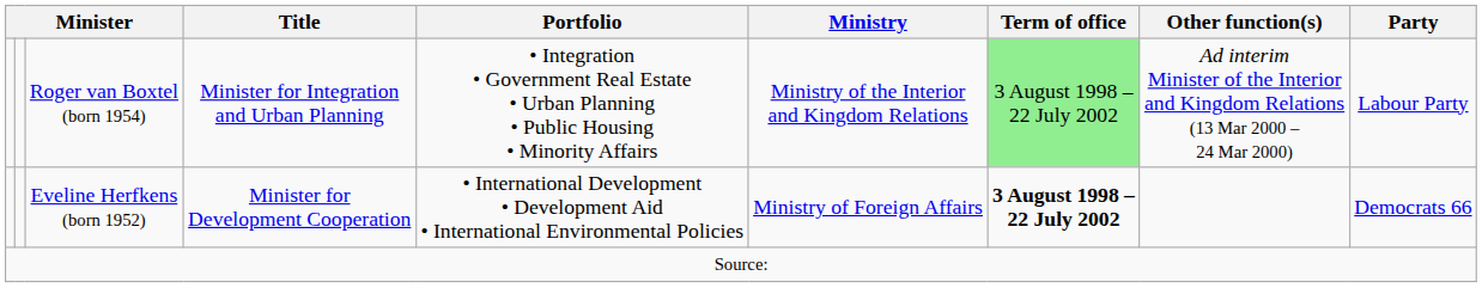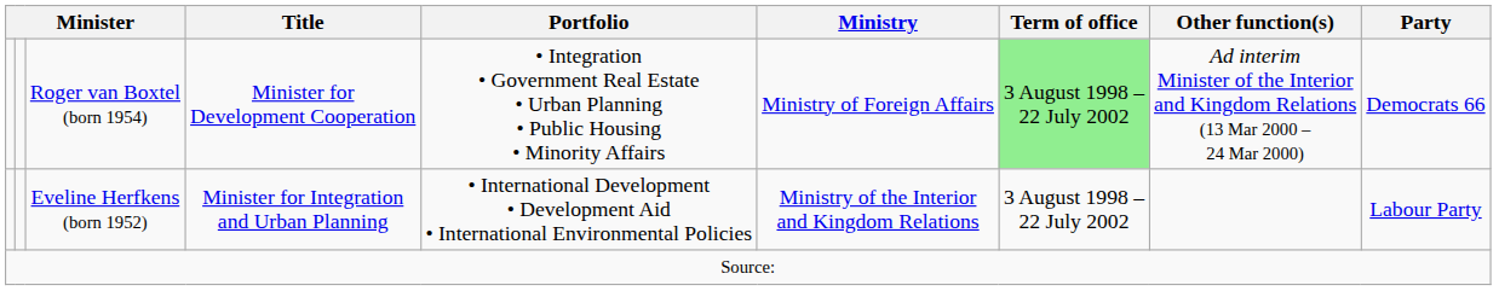 <table class="wikitable" style="text-align:center">
 <tr>
 <th colspan=3>Minister</th>
 <th>Title</th>
 <th>Portfolio</th>
 <th><a href='#'>Ministry</a></th>
 <th>Term of office</th>
 <th>Other function(s)</th>
 <th>Party</th>
 </tr>
 <tr>
 <td style="background:"></td>
 <td></td>
 <td><a href='#'>Roger van Boxtel</a> <br> <small>(born 1954)</small></td>
-<td><a href='#'>Minister for Integration <br> and Urban Planning</a></td>
+<td><a href='#'>Minister for <br> Development Cooperation</a></td>
 <td>• Integration <br> • Government Real Estate <br> • Urban Planning <br> • Public Housing <br> • Minority Affairs</td>
-<td><a href='#'>Ministry of the Interior <br> and Kingdom Relations</a></td>
+<td><a href='#'>Ministry of Foreign Affairs</a></td>
 <td style="background: lightgreen;">3 August 1998 – <br> 22 July 2002</td>
 <td><em>Ad interim</em> <br> <a href='#'>Minister of the Interior <br> and Kingdom Relations</a> <br> <small>(13 Mar 2000 – <br> 24 Mar 2000)</small></td>
-<td><a href='#'>Labour Party</a></td>
+<td><a href='#'>Democrats 66</a></td>
 </tr>
 <tr>
 <td style="background:"></td>
 <td></td>
 <td><a href='#'>Eveline Herfkens</a> <br> <small>(born 1952)</small></td>
-<td><a href='#'>Minister for <br> Development Cooperation</a></td>
+<td><a href='#'>Minister for Integration <br> and Urban Planning</a></td>
 <td>• International Development <br> • Development Aid <br> • International Environmental Policies</td>
-<td><a href='#'>Ministry of Foreign Affairs</a></td>
-<td><strong>3 August 1998 – <br> 22 July 2002</strong></td>
+<td><a href='#'>Ministry of the Interior <br> and Kingdom Relations</a></td>
+<td>3 August 1998 – <br> 22 July 2002</td>
 <td></td>
-<td><a href='#'>Democrats 66</a></td>
+<td><a href='#'>Labour Party</a></td>
 </tr>
 <tr>
 <td colspan=9><small>Source:</small></td>
 </tr>
 </table>
